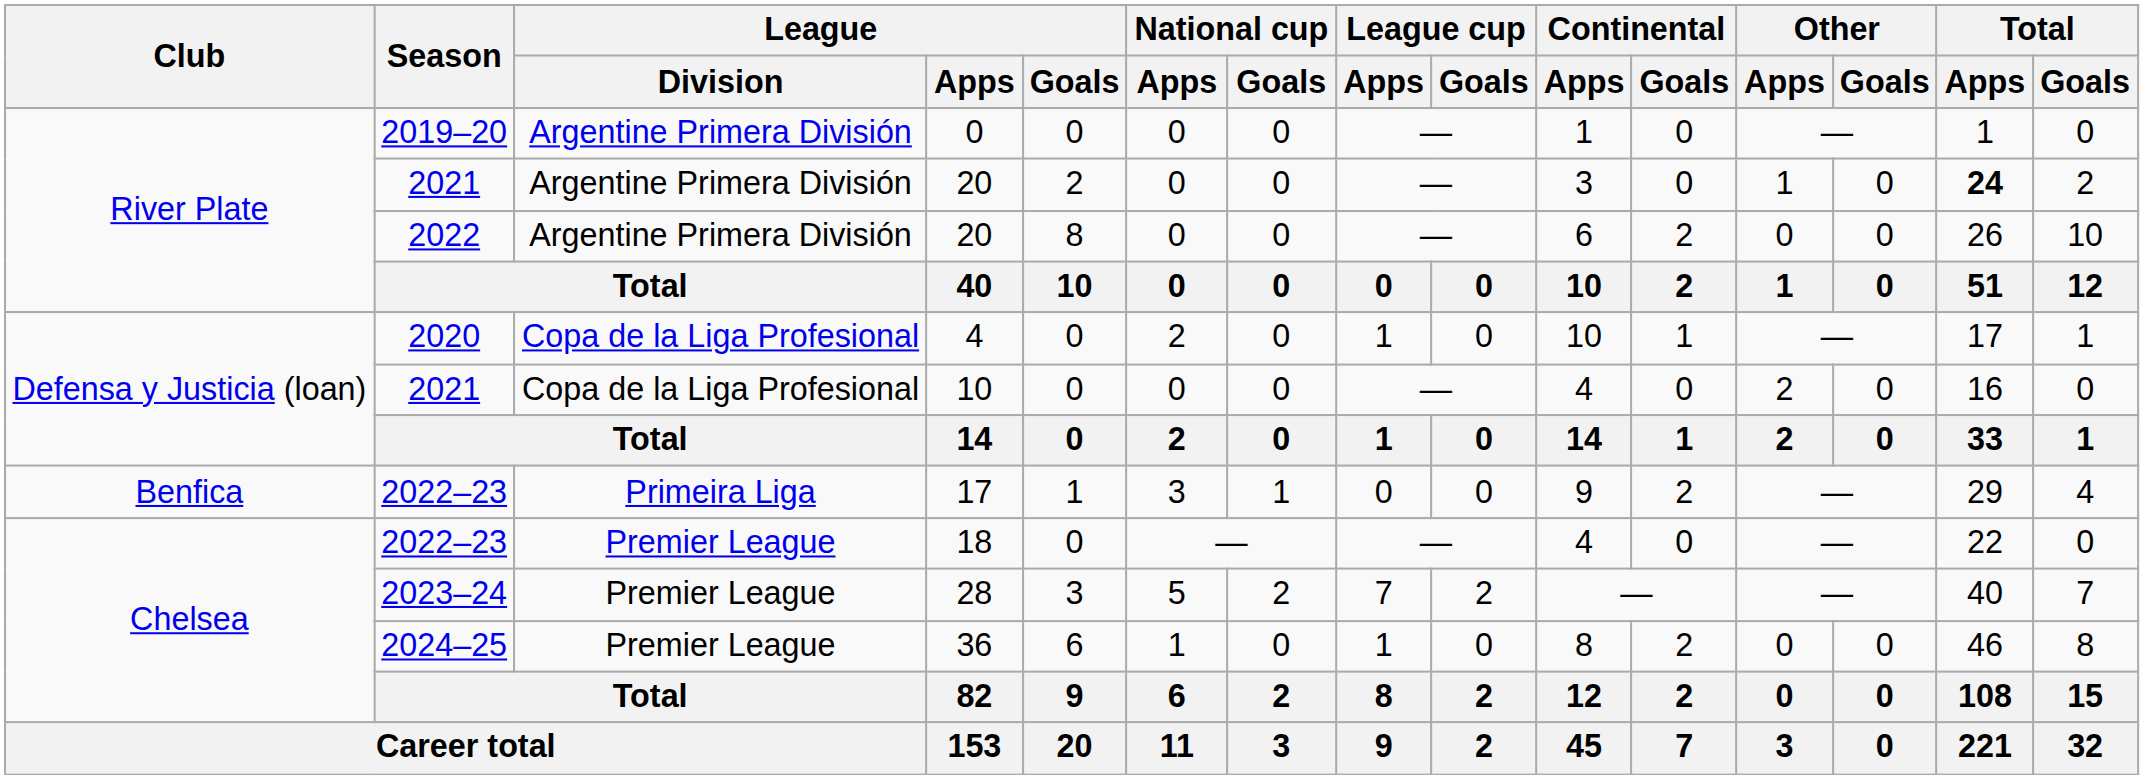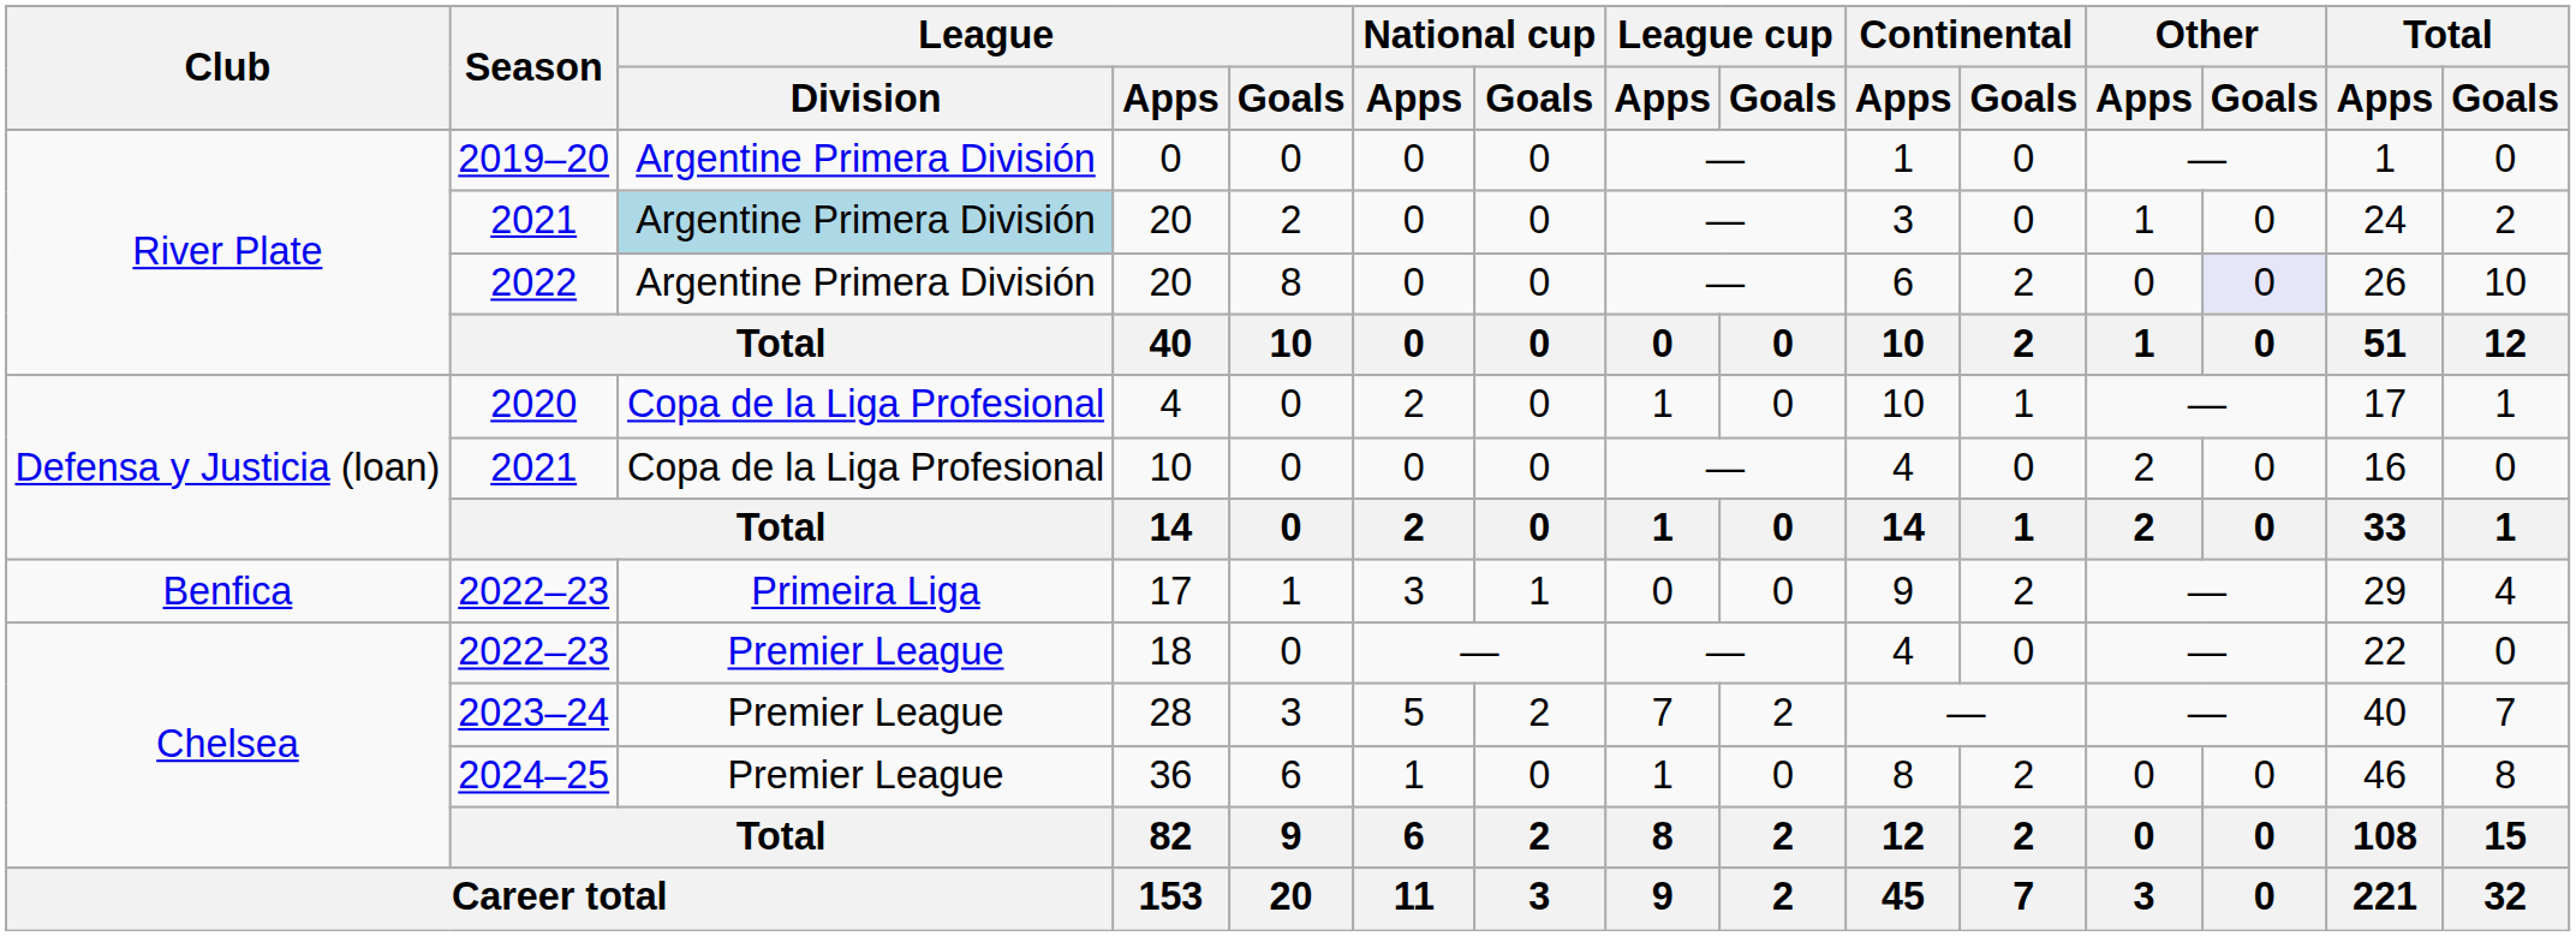 <table class="wikitable" style="text-align: center;">
 <tr>
 <th rowspan="2">Club</th>
 <th rowspan="2">Season</th>
 <th colspan="3">League</th>
 <th colspan="2">National cup</th>
 <th colspan="2">League cup</th>
 <th colspan="2">Continental</th>
 <th colspan="2">Other</th>
 <th colspan="2">Total</th>
 </tr>
 <tr>
 <th>Division</th>
 <th>Apps</th>
 <th>Goals</th>
 <th>Apps</th>
 <th>Goals</th>
 <th>Apps</th>
 <th>Goals</th>
 <th>Apps</th>
 <th>Goals</th>
 <th>Apps</th>
 <th>Goals</th>
 <th>Apps</th>
 <th>Goals</th>
 </tr>
 <tr>
 <td rowspan="4"><a href='#'>River Plate</a></td>
 <td><a href='#'>2019–20</a></td>
 <td><a href='#'>Argentine Primera División</a></td>
 <td>0</td>
 <td>0</td>
 <td>0</td>
 <td>0</td>
 <td colspan="2">—</td>
 <td>1</td>
 <td>0</td>
 <td colspan="2">—</td>
 <td>1</td>
 <td>0</td>
 </tr>
 <tr>
 <td><a href='#'>2021</a></td>
-<td>Argentine Primera División</td>
+<td style="background: lightblue;">Argentine Primera División</td>
 <td>20</td>
 <td>2</td>
 <td>0</td>
 <td>0</td>
 <td colspan="2">—</td>
 <td>3</td>
 <td>0</td>
 <td>1</td>
 <td>0</td>
-<td><strong>24</strong></td>
+<td>24</td>
 <td>2</td>
 </tr>
 <tr>
 <td><a href='#'>2022</a></td>
 <td>Argentine Primera División</td>
 <td>20</td>
 <td>8</td>
 <td>0</td>
 <td>0</td>
 <td colspan="2">—</td>
 <td>6</td>
 <td>2</td>
 <td>0</td>
-<td>0</td>
+<td style="background: lavender;">0</td>
 <td>26</td>
 <td>10</td>
 </tr>
 <tr>
 <th colspan="2">Total</th>
 <th>40</th>
 <th>10</th>
 <th>0</th>
 <th>0</th>
 <th>0</th>
 <th>0</th>
 <th>10</th>
 <th>2</th>
 <th>1</th>
 <th>0</th>
 <th>51</th>
 <th>12</th>
 </tr>
 <tr>
 <td rowspan="3"><a href='#'>Defensa y Justicia</a> (loan)</td>
 <td><a href='#'>2020</a></td>
 <td><a href='#'>Copa de la Liga Profesional</a></td>
 <td>4</td>
 <td>0</td>
 <td>2</td>
 <td>0</td>
 <td>1</td>
 <td>0</td>
 <td>10</td>
 <td>1</td>
 <td colspan="2">—</td>
 <td>17</td>
 <td>1</td>
 </tr>
 <tr>
 <td><a href='#'>2021</a></td>
 <td>Copa de la Liga Profesional</td>
 <td>10</td>
 <td>0</td>
 <td>0</td>
 <td>0</td>
 <td colspan="2">—</td>
 <td>4</td>
 <td>0</td>
 <td>2</td>
 <td>0</td>
 <td>16</td>
 <td>0</td>
 </tr>
 <tr>
 <th colspan="2">Total</th>
 <th>14</th>
 <th>0</th>
 <th>2</th>
 <th>0</th>
 <th>1</th>
 <th>0</th>
 <th>14</th>
 <th>1</th>
 <th>2</th>
 <th>0</th>
 <th>33</th>
 <th>1</th>
 </tr>
 <tr>
 <td><a href='#'>Benfica</a></td>
 <td><a href='#'>2022–23</a></td>
 <td><a href='#'>Primeira Liga</a></td>
 <td>17</td>
 <td>1</td>
 <td>3</td>
 <td>1</td>
 <td>0</td>
 <td>0</td>
 <td>9</td>
 <td>2</td>
 <td colspan="2">—</td>
 <td>29</td>
 <td>4</td>
 </tr>
 <tr>
 <td rowspan="4"><a href='#'>Chelsea</a></td>
 <td><a href='#'>2022–23</a></td>
 <td><a href='#'>Premier League</a></td>
 <td>18</td>
 <td>0</td>
 <td colspan="2">—</td>
 <td colspan="2">—</td>
 <td>4</td>
 <td>0</td>
 <td colspan="2">—</td>
 <td>22</td>
 <td>0</td>
 </tr>
 <tr>
 <td><a href='#'>2023–24</a></td>
 <td>Premier League</td>
 <td>28</td>
 <td>3</td>
 <td>5</td>
 <td>2</td>
 <td>7</td>
 <td>2</td>
 <td colspan="2">—</td>
 <td colspan="2">—</td>
 <td>40</td>
 <td>7</td>
 </tr>
 <tr>
 <td><a href='#'>2024–25</a></td>
 <td>Premier League</td>
 <td>36</td>
 <td>6</td>
 <td>1</td>
 <td>0</td>
 <td>1</td>
 <td>0</td>
 <td>8</td>
 <td>2</td>
 <td>0</td>
 <td>0</td>
 <td>46</td>
 <td>8</td>
 </tr>
 <tr>
 <th colspan="2">Total</th>
 <th>82</th>
 <th>9</th>
 <th>6</th>
 <th>2</th>
 <th>8</th>
 <th>2</th>
 <th>12</th>
 <th>2</th>
 <th>0</th>
 <th>0</th>
 <th>108</th>
 <th>15</th>
 </tr>
 <tr>
 <th colspan="3">Career total</th>
 <th>153</th>
 <th>20</th>
 <th>11</th>
 <th>3</th>
 <th>9</th>
 <th>2</th>
 <th>45</th>
 <th>7</th>
 <th>3</th>
 <th>0</th>
 <th>221</th>
 <th>32</th>
 </tr>
 </table>
